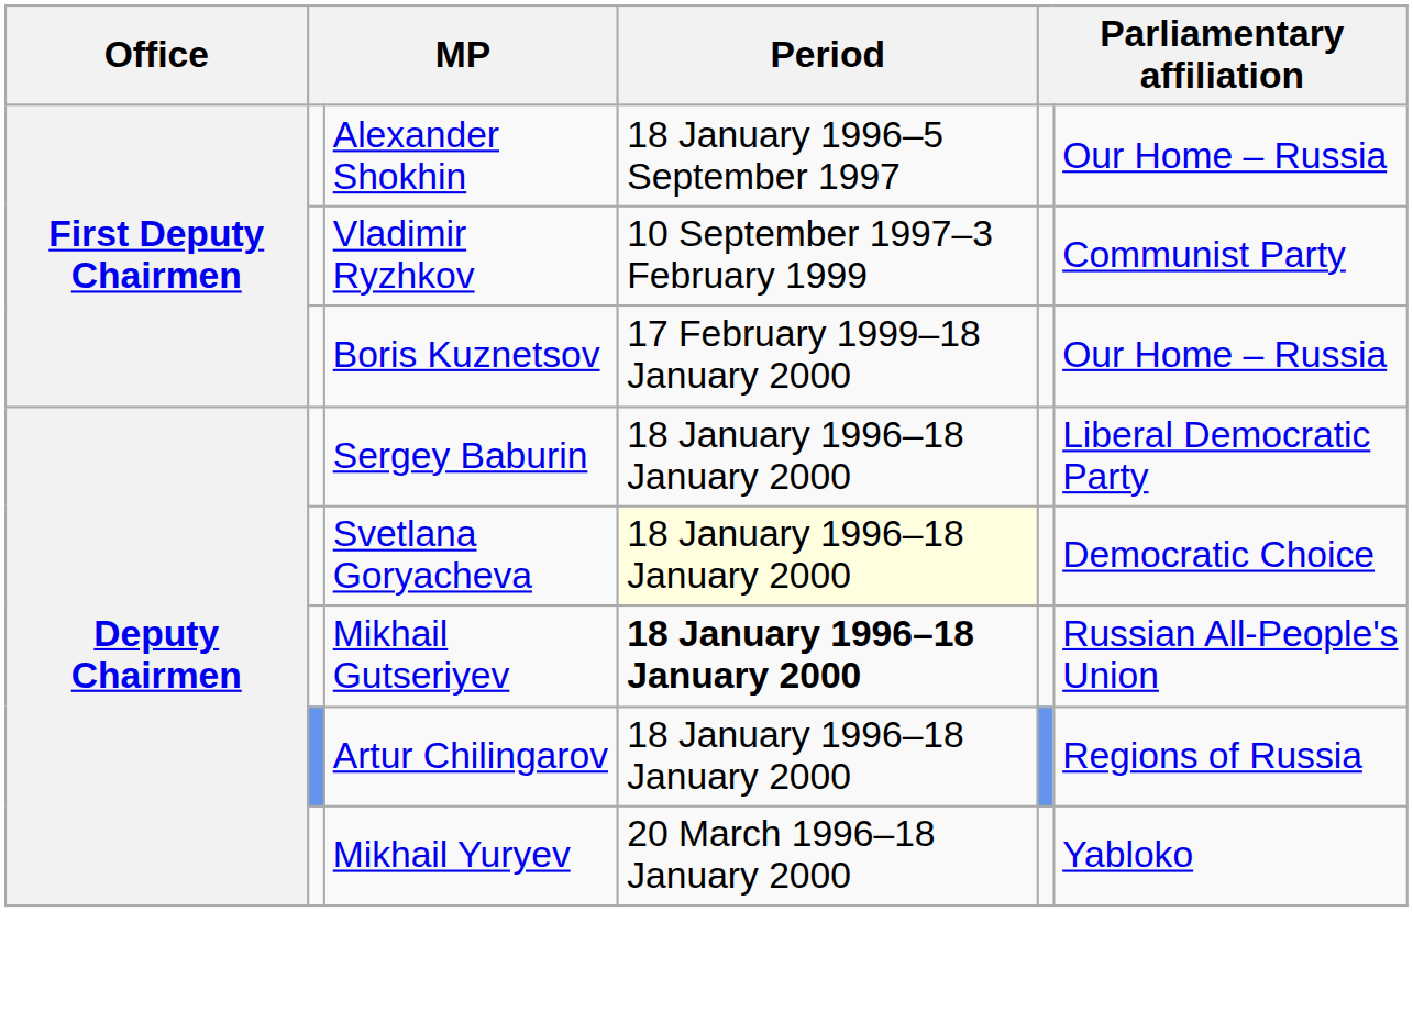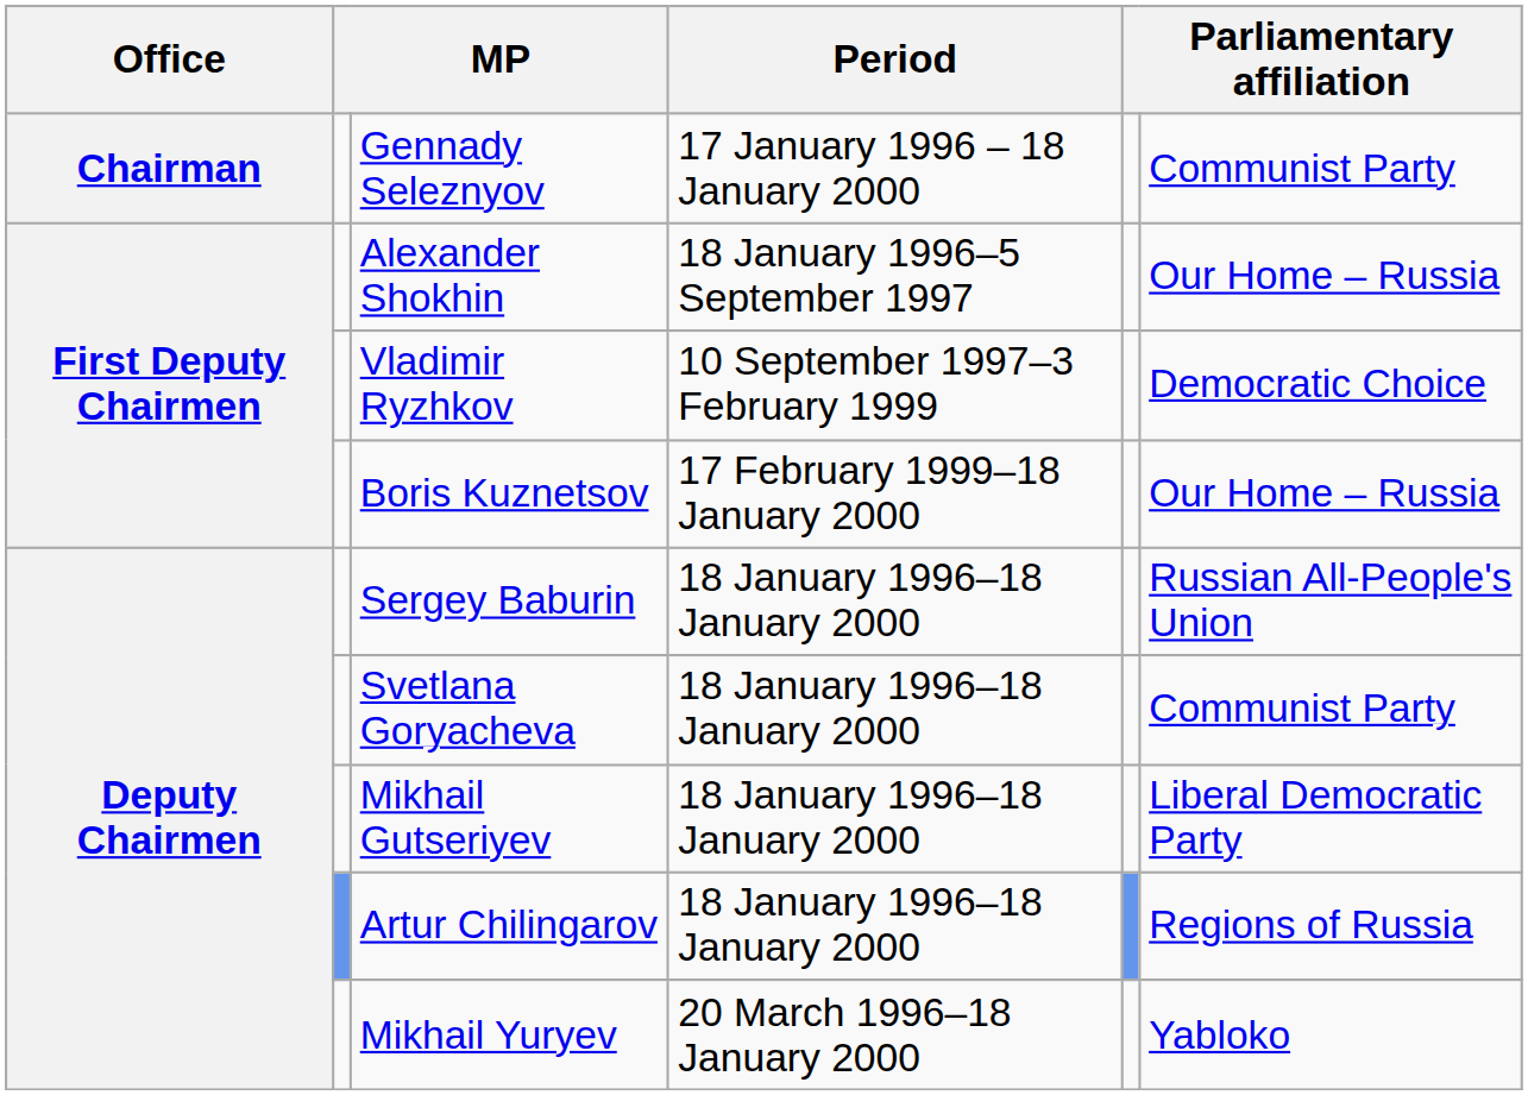 <table class=wikitable>
 <tr>
 <th>Office</th>
 <th colspan=2>MP</th>
 <th>Period</th>
 <th colspan=2>Parliamentary affiliation</th>
+</tr>
+<tr>
+<th><a href='#'>Chairman</a></th>
+<td style="background-color:"></td>
+<td><a href='#'>Gennady Seleznyov</a></td>
+<td>17 January 1996 – 18 January 2000</td>
+<td style="background-color:"></td>
+<td><a href='#'>Communist Party</a></td>
 </tr>
 <tr>
 <th rowspan=3><a href='#'>First Deputy Chairmen</a></th>
 <td style="background-color:"></td>
 <td><a href='#'>Alexander Shokhin</a></td>
 <td>18 January 1996–5 September 1997</td>
 <td style="background-color:"></td>
 <td><a href='#'>Our Home – Russia</a></td>
 </tr>
 <tr>
 <td style="background-color:"></td>
 <td><a href='#'>Vladimir Ryzhkov</a></td>
 <td>10 September 1997–3 February 1999</td>
 <td style="background-color:"></td>
-<td><a href='#'>Communist Party</a></td>
+<td><a href='#'>Democratic Choice</a></td>
 </tr>
 <tr>
 <td style="background-color:"></td>
 <td><a href='#'>Boris Kuznetsov</a></td>
 <td>17 February 1999–18 January 2000</td>
 <td style="background-color:"></td>
 <td><a href='#'>Our Home – Russia</a></td>
 </tr>
 <tr>
 <th rowspan=5><a href='#'>Deputy Chairmen</a></th>
 <td style="background-color:"></td>
 <td><a href='#'>Sergey Baburin</a></td>
 <td>18 January 1996–18 January 2000</td>
 <td style="background-color:"></td>
-<td><a href='#'>Liberal Democratic Party</a></td>
+<td><a href='#'>Russian All-People's Union</a></td>
 </tr>
 <tr>
 <td style="background-color:"></td>
 <td><a href='#'>Svetlana Goryacheva</a></td>
-<td style="background: lightyellow;">18 January 1996–18 January 2000</td>
+<td>18 January 1996–18 January 2000</td>
 <td style="background-color:"></td>
-<td><a href='#'>Democratic Choice</a></td>
+<td><a href='#'>Communist Party</a></td>
 </tr>
 <tr>
 <td style="background-color:"></td>
 <td><a href='#'>Mikhail Gutseriyev</a></td>
-<td><strong>18 January 1996–18 January 2000</strong></td>
+<td>18 January 1996–18 January 2000</td>
 <td style="background-color:"></td>
-<td><a href='#'>Russian All-People's Union</a></td>
+<td><a href='#'>Liberal Democratic Party</a></td>
 </tr>
 <tr>
 <td style="background-color:#6495ED"></td>
 <td><a href='#'>Artur Chilingarov</a></td>
 <td>18 January 1996–18 January 2000</td>
 <td style="background-color:#6495ED"></td>
 <td><a href='#'>Regions of Russia</a></td>
 </tr>
 <tr>
 <td style="background-color:"></td>
 <td><a href='#'>Mikhail Yuryev</a></td>
 <td>20 March 1996–18 January 2000</td>
 <td style="background-color:"></td>
 <td><a href='#'>Yabloko</a></td>
 </tr>
 </table>
